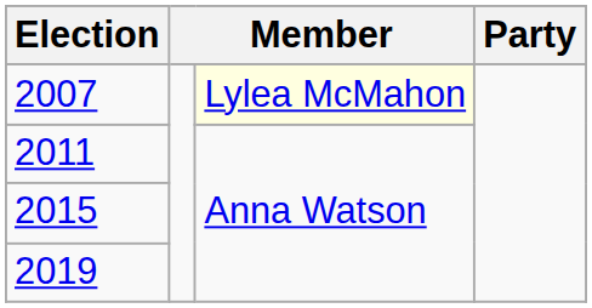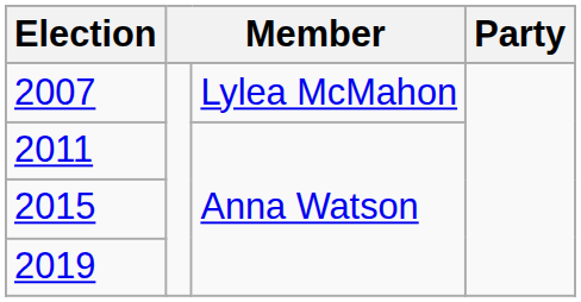 <table class="wikitable">
 <tr>
 <th>Election</th>
 <th colspan="2">Member</th>
 <th>Party</th>
 </tr>
 <tr>
 <td><a href='#'>2007</a></td>
 <td rowspan="4" > </td>
-<td style="background: lightyellow;"><a href='#'>Lylea McMahon</a></td>
+<td><a href='#'>Lylea McMahon</a></td>
 <td rowspan="4"></td>
 </tr>
 <tr>
 <td><a href='#'>2011</a></td>
 <td rowspan="3"><a href='#'>Anna Watson</a></td>
 </tr>
 <tr>
 <td><a href='#'>2015</a></td>
 </tr>
 <tr>
 <td><a href='#'>2019</a></td>
 </tr>
 </table>
